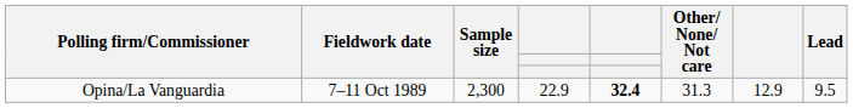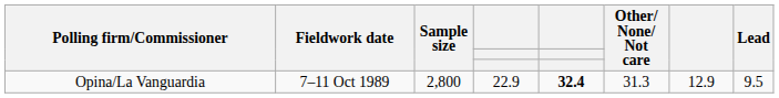 <table class="wikitable collapsible collapsed" style="text-align:center; font-size:90%; line-height:14px;">
 <tr style="height:42px;">
 <th style="width:250px;" rowspan="3">Polling firm/Commissioner</th>
 <th style="width:125px;" rowspan="3">Fieldwork date</th>
 <th style="width:50px;" rowspan="3">Sample size</th>
 <th style="width:55px;"></th>
 <th style="width:55px;"></th>
 <th style="width:55px;" rowspan="3">Other/<br>None/<br>Not<br>care</th>
 <th style="width:55px;" rowspan="3"></th>
 <th style="width:30px;" rowspan="3">Lead</th>
 </tr>
 <tr>
 <th style="color:inherit;background:"></th>
 <th style="color:inherit;background:"></th>
 </tr>
 <tr>
 <th></th>
 <th></th>
 </tr>
 <tr>
 <td>Opina/La Vanguardia</td>
 <td>7–11 Oct 1989</td>
-<td>2,300</td>
+<td>2,800</td>
 <td>22.9</td>
 <td><strong>32.4</strong></td>
 <td>31.3</td>
 <td>12.9</td>
 <td style="background:">9.5</td>
 </tr>
 </table>
